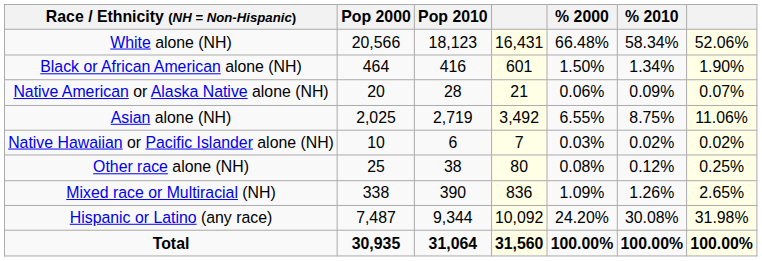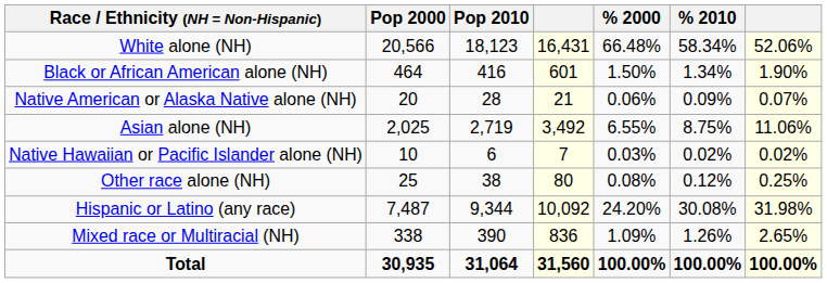 <table class="wikitable" style="text-align:center;">
 <tr>
 <th>Race / Ethnicity <small>(<em>NH = Non-Hispanic</em>)</small></th>
 <th>Pop 2000</th>
 <th>Pop 2010</th>
 <th></th>
 <th>% 2000</th>
 <th>% 2010</th>
 <th></th>
 </tr>
 <tr>
 <td><a href='#'>White</a> alone (NH)</td>
 <td>20,566</td>
 <td>18,123</td>
 <td style='background: #ffffe6;'>16,431</td>
 <td>66.48%</td>
 <td>58.34%</td>
 <td style='background: #ffffe6;'>52.06%</td>
 </tr>
 <tr>
 <td><a href='#'>Black or African American</a> alone (NH)</td>
 <td>464</td>
 <td>416</td>
 <td style='background: #ffffe6;'>601</td>
 <td>1.50%</td>
 <td>1.34%</td>
 <td style='background: #ffffe6;'>1.90%</td>
 </tr>
 <tr>
 <td><a href='#'>Native American</a> or <a href='#'>Alaska Native</a> alone (NH)</td>
 <td>20</td>
 <td>28</td>
 <td style='background: #ffffe6;'>21</td>
 <td>0.06%</td>
 <td>0.09%</td>
 <td style='background: #ffffe6;'>0.07%</td>
 </tr>
 <tr>
 <td><a href='#'>Asian</a> alone (NH)</td>
 <td>2,025</td>
 <td>2,719</td>
 <td style='background: #ffffe6;'>3,492</td>
 <td>6.55%</td>
 <td>8.75%</td>
 <td style='background: #ffffe6;'>11.06%</td>
 </tr>
 <tr>
 <td><a href='#'>Native Hawaiian</a> or <a href='#'>Pacific Islander</a> alone (NH)</td>
 <td>10</td>
 <td>6</td>
 <td style='background: #ffffe6;'>7</td>
 <td>0.03%</td>
 <td>0.02%</td>
 <td style='background: #ffffe6;'>0.02%</td>
 </tr>
 <tr>
 <td><a href='#'>Other race</a> alone (NH)</td>
 <td>25</td>
 <td>38</td>
 <td style='background: #ffffe6;'>80</td>
 <td>0.08%</td>
 <td>0.12%</td>
 <td style='background: #ffffe6;'>0.25%</td>
 </tr>
 <tr>
+<td><a href='#'>Hispanic or Latino</a> (any race)</td>
+<td>7,487</td>
+<td>9,344</td>
+<td style='background: #ffffe6;'>10,092</td>
+<td>24.20%</td>
+<td>30.08%</td>
+<td style='background: #ffffe6;'>31.98%</td>
+</tr>
+<tr>
 <td><a href='#'>Mixed race or Multiracial</a> (NH)</td>
 <td>338</td>
 <td>390</td>
 <td style='background: #ffffe6;'>836</td>
 <td>1.09%</td>
 <td>1.26%</td>
 <td style='background: #ffffe6;'>2.65%</td>
-</tr>
-<tr>
-<td><a href='#'>Hispanic or Latino</a> (any race)</td>
-<td>7,487</td>
-<td>9,344</td>
-<td style='background: #ffffe6;'>10,092</td>
-<td>24.20%</td>
-<td>30.08%</td>
-<td style='background: #ffffe6;'>31.98%</td>
 </tr>
 <tr>
 <td><strong>Total</strong></td>
 <td><strong>30,935</strong></td>
 <td><strong>31,064</strong></td>
 <td style='background: #ffffe6;'><strong>31,560</strong></td>
 <td><strong>100.00%</strong></td>
 <td><strong>100.00%</strong></td>
 <td style='background: #ffffe6;'><strong>100.00%</strong></td>
 </tr>
 </table>
